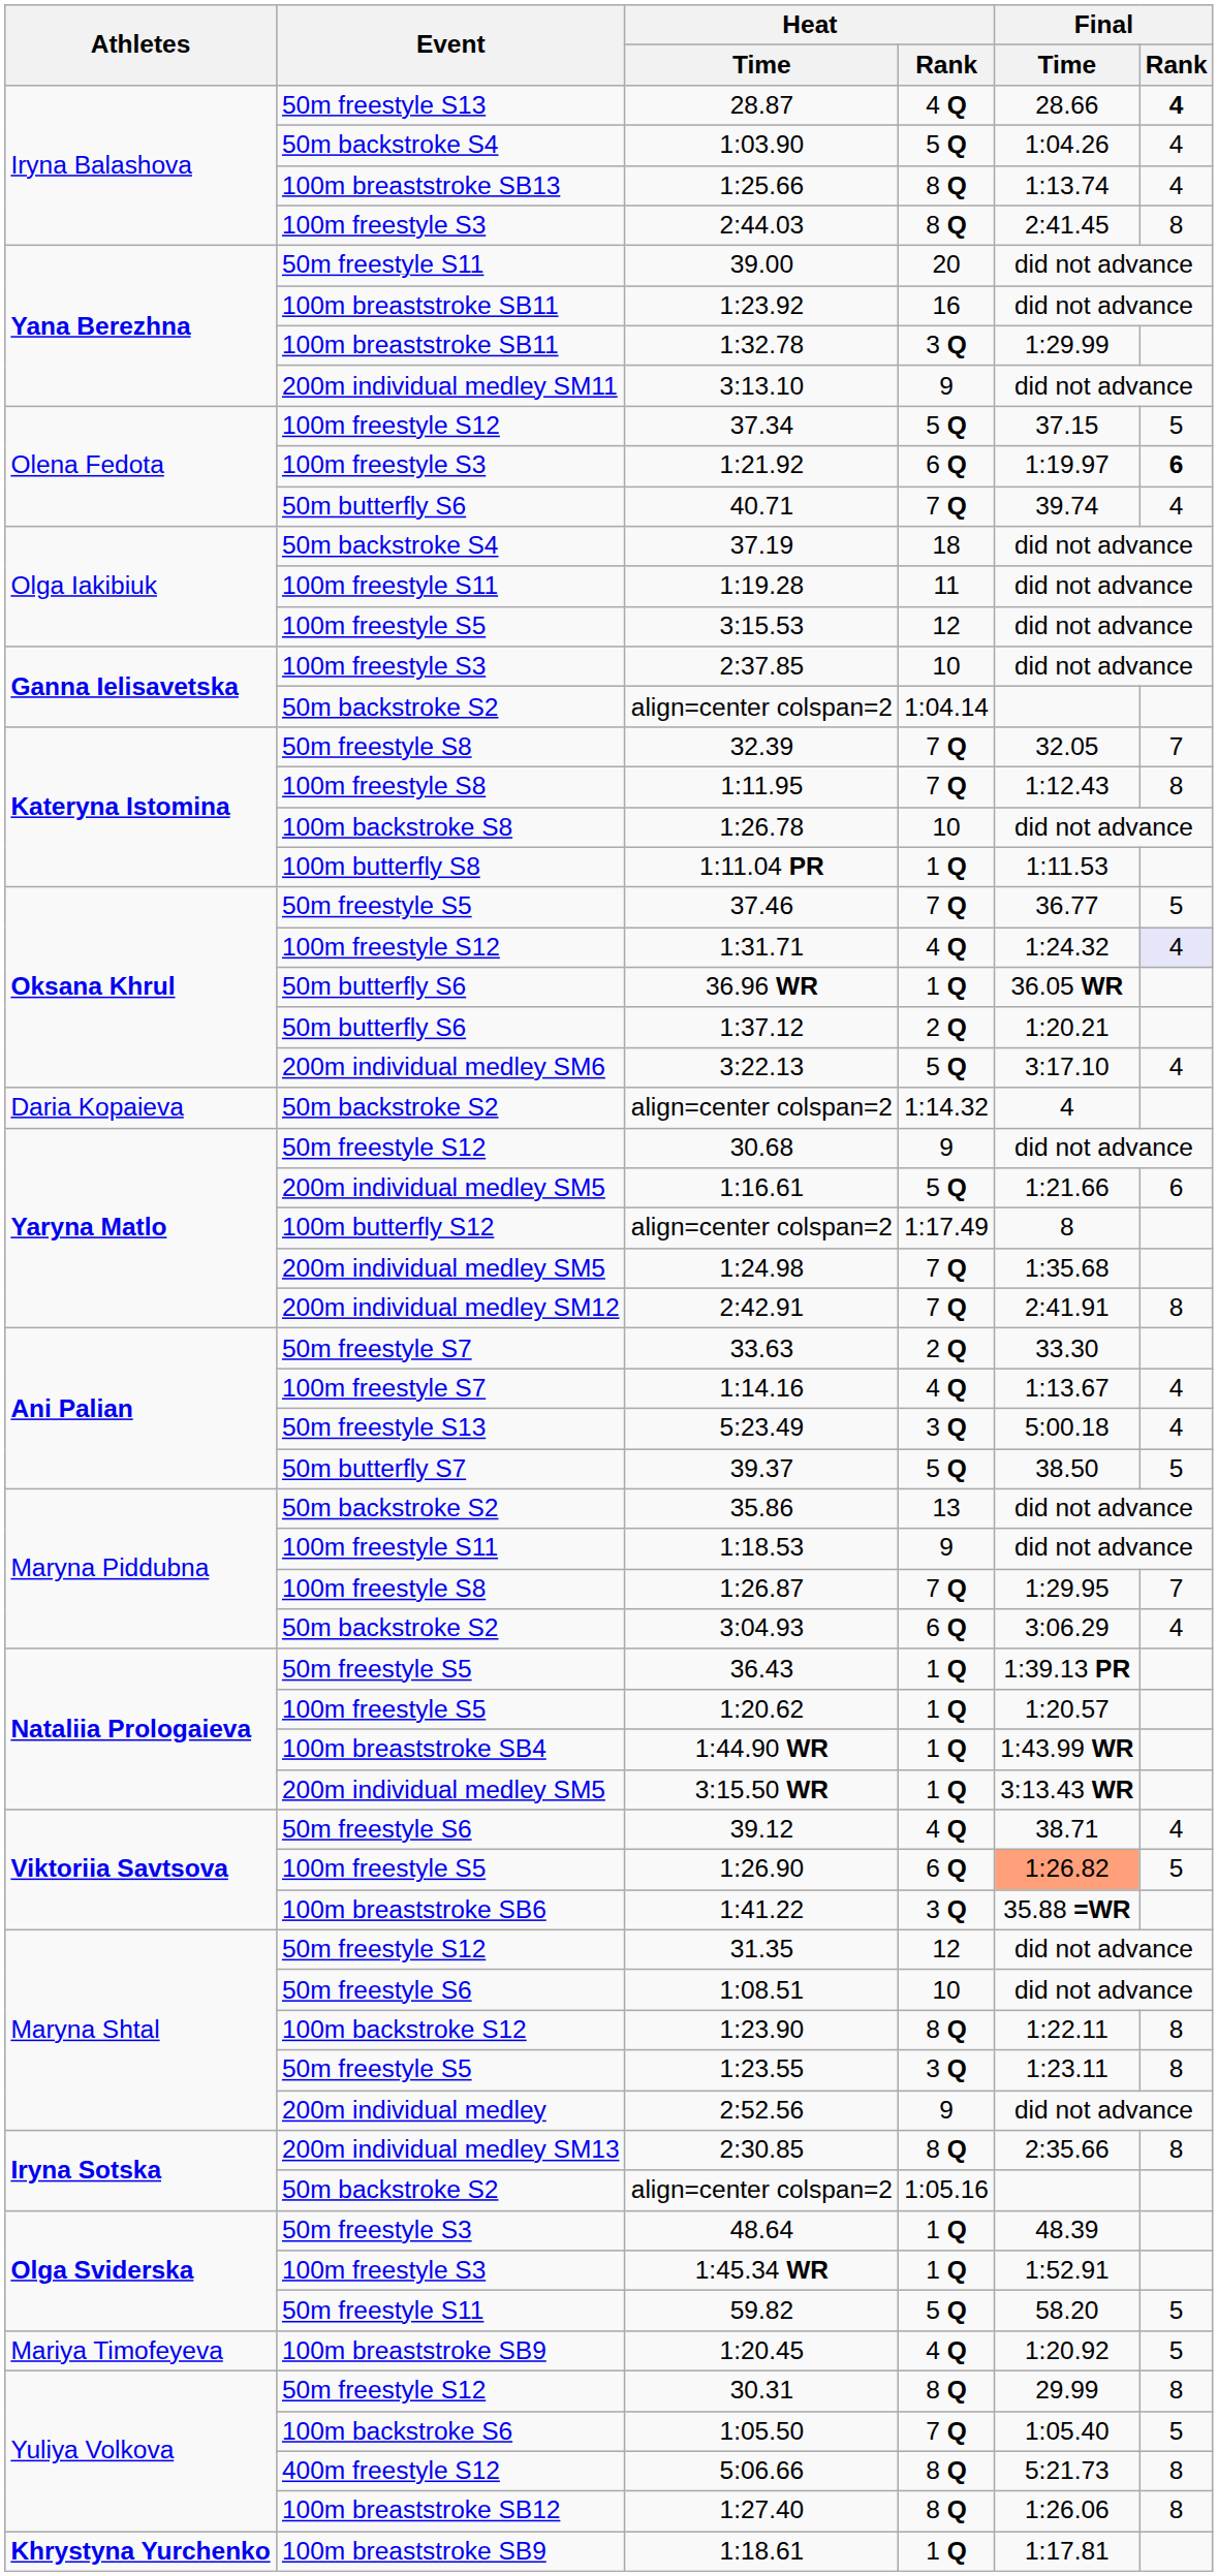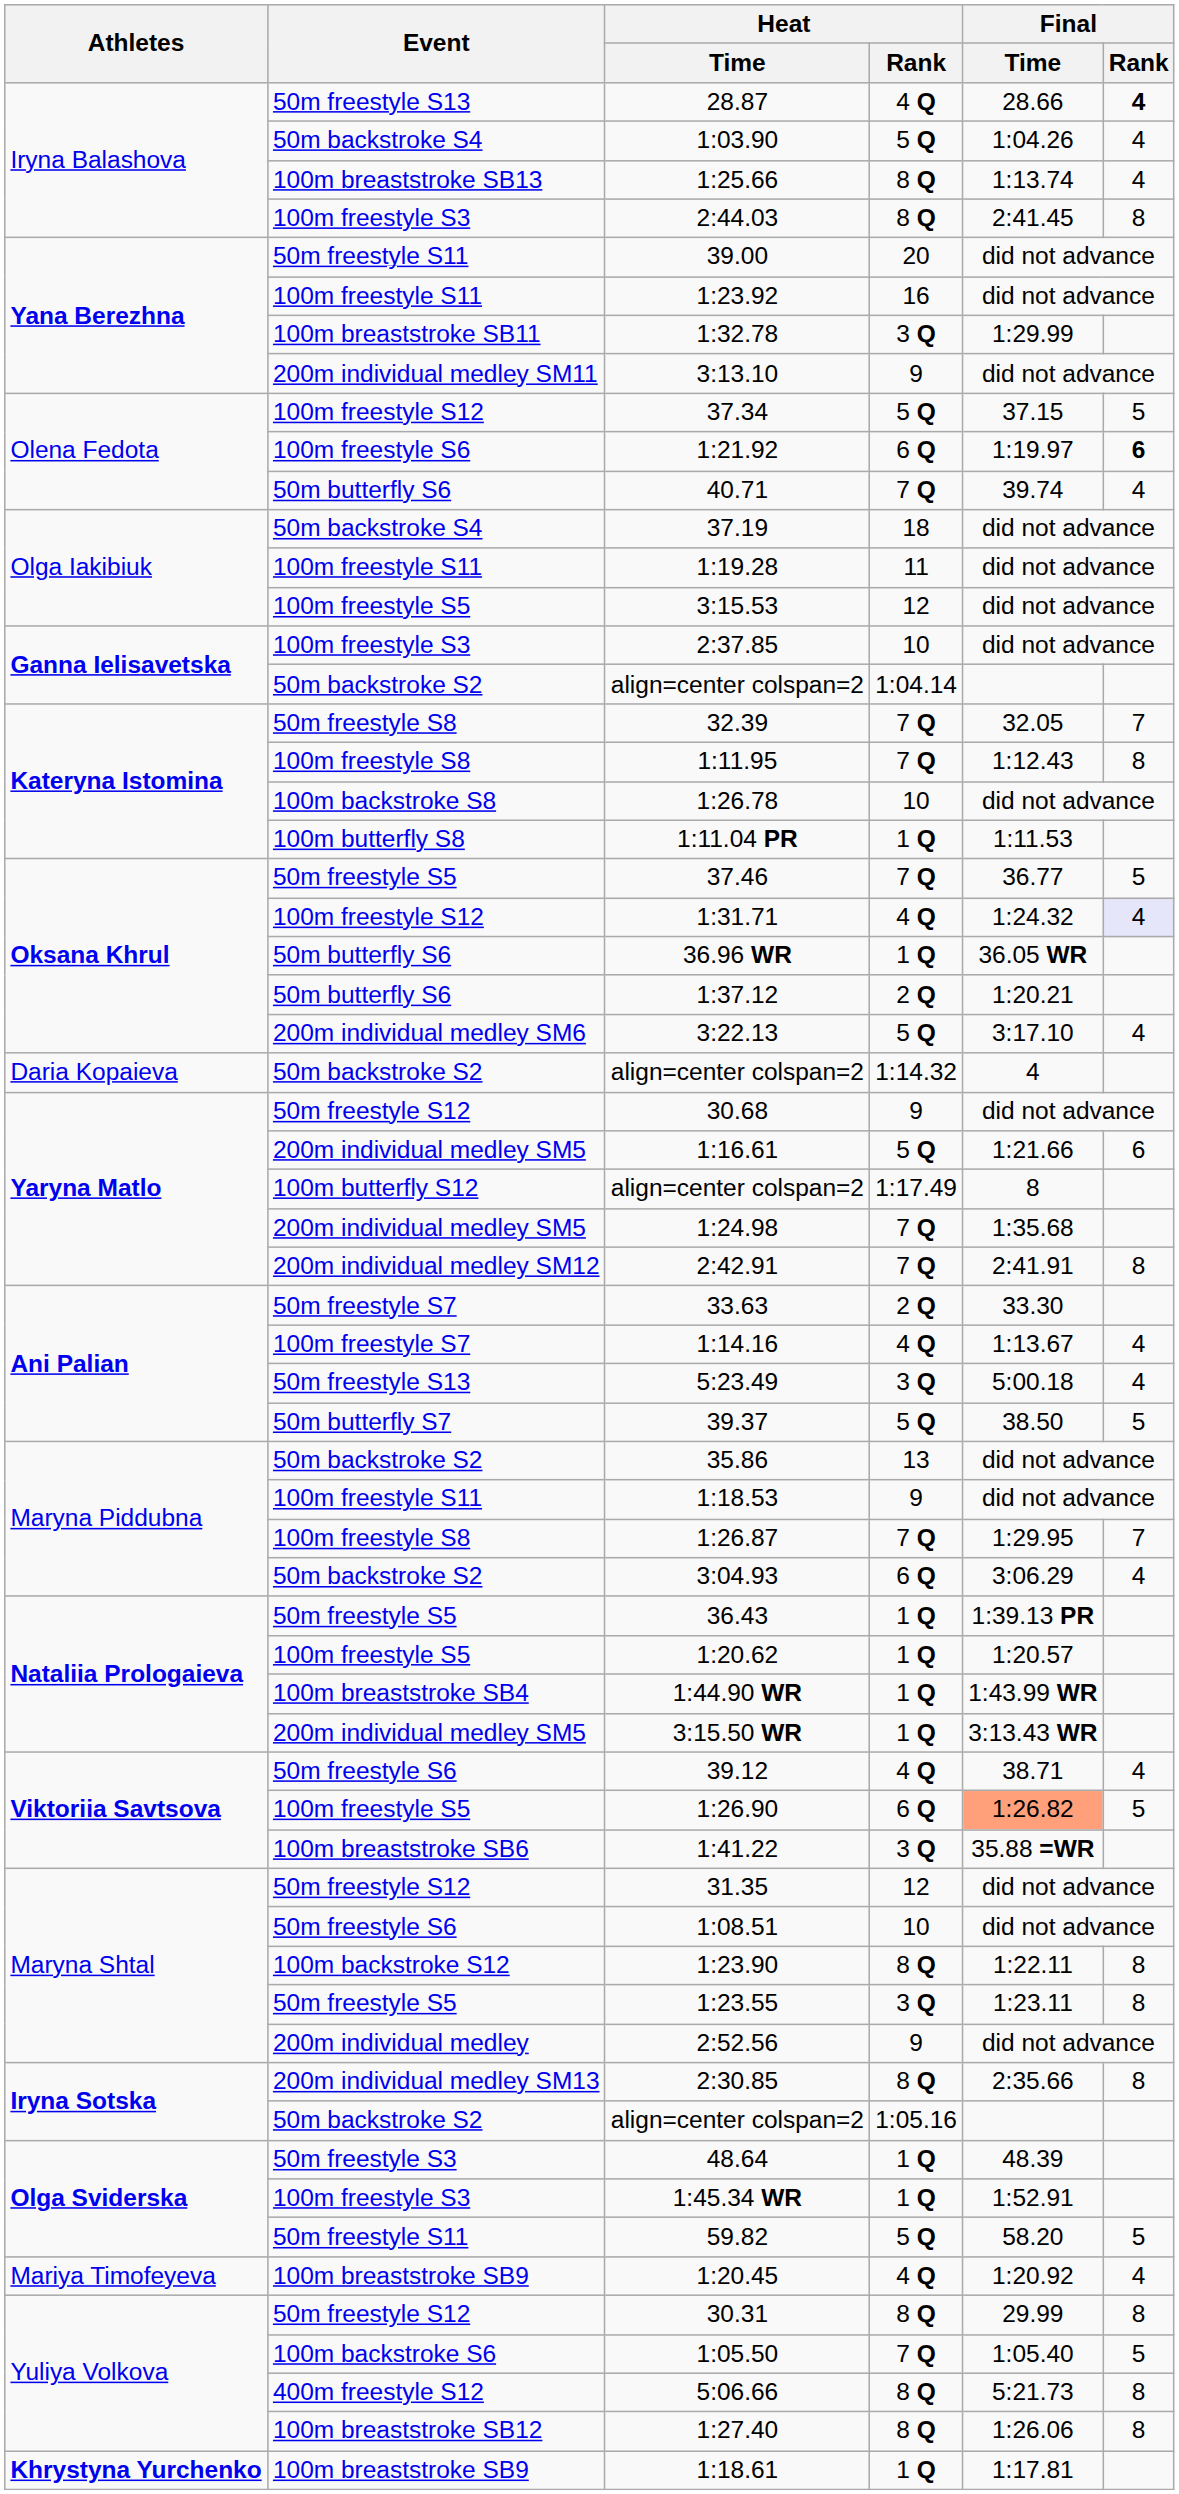 <table class=wikitable>
 <tr>
 <th rowspan="2">Athletes</th>
 <th rowspan="2">Event</th>
 <th colspan="2">Heat</th>
 <th colspan="2">Final</th>
 </tr>
 <tr>
 <th>Time</th>
 <th>Rank</th>
 <th>Time</th>
 <th>Rank</th>
 </tr>
 <tr>
 <td align=left rowspan=4><a href='#'>Iryna Balashova</a></td>
 <td align=left><a href='#'>50m freestyle S13</a></td>
 <td align=center>28.87</td>
 <td align=center>4 <strong>Q</strong></td>
 <td align=center>28.66</td>
 <td align=center><strong>4</strong></td>
 </tr>
 <tr>
 <td align=left><a href='#'>50m backstroke S4</a></td>
 <td align=center>1:03.90</td>
 <td align=center>5 <strong>Q</strong></td>
 <td align=center>1:04.26</td>
 <td align=center>4</td>
 </tr>
 <tr>
 <td align=left><a href='#'>100m breaststroke SB13</a></td>
 <td align=center>1:25.66</td>
 <td align=center>8 <strong>Q</strong></td>
 <td align=center>1:13.74</td>
 <td align=center>4</td>
 </tr>
 <tr>
 <td align=left><a href='#'>100m freestyle S3</a></td>
 <td align=center>2:44.03</td>
 <td align=center>8 <strong>Q</strong></td>
 <td align=center>2:41.45</td>
 <td align=center>8</td>
 </tr>
 <tr>
 <td align=left rowspan=4><strong><a href='#'>Yana Berezhna</a></strong></td>
 <td align=left><a href='#'>50m freestyle S11</a></td>
 <td align=center>39.00</td>
 <td align=center>20</td>
 <td align=center colspan=2>did not advance</td>
 </tr>
 <tr>
-<td align=left><a href='#'>100m breaststroke SB11</a></td>
+<td align=left><a href='#'>100m freestyle S11</a></td>
 <td align=center>1:23.92</td>
 <td align=center>16</td>
 <td align=center colspan=2>did not advance</td>
 </tr>
 <tr>
 <td align=left><a href='#'>100m breaststroke SB11</a></td>
 <td align=center>1:32.78</td>
 <td align=center>3 <strong>Q</strong></td>
 <td align=center>1:29.99</td>
 <td align=center></td>
 </tr>
 <tr>
 <td align=left><a href='#'>200m individual medley SM11</a></td>
 <td align=center>3:13.10</td>
 <td align=center>9</td>
 <td align=center colspan=2>did not advance</td>
 </tr>
 <tr>
 <td align=left rowspan=3><a href='#'>Olena Fedota</a></td>
 <td align=left><a href='#'>100m freestyle S12</a></td>
 <td align=center>37.34</td>
 <td align=center>5 <strong>Q</strong></td>
 <td align=center>37.15</td>
 <td align=center>5</td>
 </tr>
 <tr>
-<td align=left><a href='#'>100m freestyle S3</a></td>
+<td align=left><a href='#'>100m freestyle S6</a></td>
 <td align=center>1:21.92</td>
 <td align=center>6 <strong>Q</strong></td>
 <td align=center>1:19.97</td>
 <td align=center><strong>6</strong></td>
 </tr>
 <tr>
 <td align=left><a href='#'>50m butterfly S6</a></td>
 <td align=center>40.71</td>
 <td align=center>7 <strong>Q</strong></td>
 <td align=center>39.74</td>
 <td align=center>4</td>
 </tr>
 <tr>
 <td align=left rowspan=3><a href='#'>Olga Iakibiuk</a></td>
 <td align=left><a href='#'>50m backstroke S4</a></td>
 <td align=center>37.19</td>
 <td align=center>18</td>
 <td align=center colspan=2>did not advance</td>
 </tr>
 <tr>
 <td align=left><a href='#'>100m freestyle S11</a></td>
 <td align=center>1:19.28</td>
 <td align=center>11</td>
 <td align=center colspan=2>did not advance</td>
 </tr>
 <tr>
 <td align=left><a href='#'>100m freestyle S5</a></td>
 <td align=center>3:15.53</td>
 <td align=center>12</td>
 <td align=center colspan=2>did not advance</td>
 </tr>
 <tr>
 <td align=left rowspan=2><strong><a href='#'>Ganna Ielisavetska</a></strong></td>
 <td align=left><a href='#'>100m freestyle S3</a></td>
 <td align=center>2:37.85</td>
 <td align=center>10</td>
 <td align=center colspan=2>did not advance</td>
 </tr>
 <tr>
 <td align=left><a href='#'>50m backstroke S2</a></td>
 <td>align=center colspan=2 </td>
 <td align=center>1:04.14</td>
 <td align=center></td>
 </tr>
 <tr>
 <td align=left rowspan=4><strong><a href='#'>Kateryna Istomina</a></strong></td>
 <td align=left><a href='#'>50m freestyle S8</a></td>
 <td align=center>32.39</td>
 <td align=center>7 <strong>Q</strong></td>
 <td align=center>32.05</td>
 <td align=center>7</td>
 </tr>
 <tr>
 <td align=left><a href='#'>100m freestyle S8</a></td>
 <td align=center>1:11.95</td>
 <td align=center>7 <strong>Q</strong></td>
 <td align=center>1:12.43</td>
 <td align=center>8</td>
 </tr>
 <tr>
 <td align=left><a href='#'>100m backstroke S8</a></td>
 <td align=center>1:26.78</td>
 <td align=center>10</td>
 <td align=center colspan=2>did not advance</td>
 </tr>
 <tr>
 <td align=left><a href='#'>100m butterfly S8</a></td>
 <td align=center>1:11.04 <strong>PR</strong></td>
 <td align=center>1 <strong>Q</strong></td>
 <td align=center>1:11.53</td>
 <td align=center></td>
 </tr>
 <tr>
 <td align=left rowspan=5><strong><a href='#'>Oksana Khrul</a></strong></td>
 <td align=left><a href='#'>50m freestyle S5</a></td>
 <td align=center>37.46</td>
 <td align=center>7 <strong>Q</strong></td>
 <td align=center>36.77</td>
 <td align=center>5</td>
 </tr>
 <tr>
 <td align=left><a href='#'>100m freestyle S12</a></td>
 <td align=center>1:31.71</td>
 <td align=center>4 <strong>Q</strong></td>
 <td align=center>1:24.32</td>
 <td align=center style="background: lavender;">4</td>
 </tr>
 <tr>
 <td align=left><a href='#'>50m butterfly S6</a></td>
 <td align=center>36.96 <strong>WR</strong></td>
 <td align=center>1 <strong>Q</strong></td>
 <td align=center>36.05 <strong>WR</strong></td>
 <td align=center></td>
 </tr>
 <tr>
 <td align=left><a href='#'>50m butterfly S6</a></td>
 <td align=center>1:37.12</td>
 <td align=center>2 <strong>Q</strong></td>
 <td align=center>1:20.21</td>
 <td align=center></td>
 </tr>
 <tr>
 <td align=left><a href='#'>200m individual medley SM6</a></td>
 <td align=center>3:22.13</td>
 <td align=center>5 <strong>Q</strong></td>
 <td align=center>3:17.10</td>
 <td align=center>4</td>
 </tr>
 <tr>
 <td align=left><a href='#'>Daria Kopaieva</a></td>
 <td align=left><a href='#'>50m backstroke S2</a></td>
 <td>align=center colspan=2 </td>
 <td align=center>1:14.32</td>
 <td align=center>4</td>
 </tr>
 <tr>
 <td align=left rowspan=5><strong><a href='#'>Yaryna Matlo</a></strong></td>
 <td align=left><a href='#'>50m freestyle S12</a></td>
 <td align=center>30.68</td>
 <td align=center>9</td>
 <td align=center colspan=2>did not advance</td>
 </tr>
 <tr>
 <td align=left><a href='#'>200m individual medley SM5</a></td>
 <td align=center>1:16.61</td>
 <td align=center>5 <strong>Q</strong></td>
 <td align=center>1:21.66</td>
 <td align=center>6</td>
 </tr>
 <tr>
 <td align=left><a href='#'>100m butterfly S12</a></td>
 <td>align=center colspan=2 </td>
 <td align=center>1:17.49</td>
 <td align=center>8</td>
 </tr>
 <tr>
 <td align=left><a href='#'>200m individual medley SM5</a></td>
 <td align=center>1:24.98</td>
 <td align=center>7 <strong>Q</strong></td>
 <td align=center>1:35.68</td>
 <td align=center></td>
 </tr>
 <tr>
 <td align=left><a href='#'>200m individual medley SM12</a></td>
 <td align=center>2:42.91</td>
 <td align=center>7 <strong>Q</strong></td>
 <td align=center>2:41.91</td>
 <td align=center>8</td>
 </tr>
 <tr>
 <td align=left rowspan=4><strong><a href='#'>Ani Palian</a></strong></td>
 <td align=left><a href='#'>50m freestyle S7</a></td>
 <td align=center>33.63</td>
 <td align=center>2 <strong>Q</strong></td>
 <td align=center>33.30</td>
 <td align=center></td>
 </tr>
 <tr>
 <td align=left><a href='#'>100m freestyle S7</a></td>
 <td align=center>1:14.16</td>
 <td align=center>4 <strong>Q</strong></td>
 <td align=center>1:13.67</td>
 <td align=center>4</td>
 </tr>
 <tr>
 <td align=left><a href='#'>50m freestyle S13</a></td>
 <td align=center>5:23.49</td>
 <td align=center>3 <strong>Q</strong></td>
 <td align=center>5:00.18</td>
 <td align=center>4</td>
 </tr>
 <tr>
 <td align=left><a href='#'>50m butterfly S7</a></td>
 <td align=center>39.37</td>
 <td align=center>5 <strong>Q</strong></td>
 <td align=center>38.50</td>
 <td align=center>5</td>
 </tr>
 <tr>
 <td align=left rowspan=4><a href='#'>Maryna Piddubna</a></td>
 <td align=left><a href='#'>50m backstroke S2</a></td>
 <td align=center>35.86</td>
 <td align=center>13</td>
 <td align=center colspan=2>did not advance</td>
 </tr>
 <tr>
 <td align=left><a href='#'>100m freestyle S11</a></td>
 <td align=center>1:18.53</td>
 <td align=center>9</td>
 <td align=center colspan=2>did not advance</td>
 </tr>
 <tr>
 <td align=left><a href='#'>100m freestyle S8</a></td>
 <td align=center>1:26.87</td>
 <td align=center>7 <strong>Q</strong></td>
 <td align=center>1:29.95</td>
 <td align=center>7</td>
 </tr>
 <tr>
 <td align=left><a href='#'>50m backstroke S2</a></td>
 <td align=center>3:04.93</td>
 <td align=center>6 <strong>Q</strong></td>
 <td align=center>3:06.29</td>
 <td align=center>4</td>
 </tr>
 <tr>
 <td align=left rowspan=4><strong><a href='#'>Nataliia Prologaieva</a></strong></td>
 <td align=left><a href='#'>50m freestyle S5</a></td>
 <td align=center>36.43</td>
 <td align=center>1 <strong>Q</strong></td>
 <td align=center>1:39.13 <strong>PR</strong></td>
 <td align=center></td>
 </tr>
 <tr>
 <td align=left><a href='#'>100m freestyle S5</a></td>
 <td align=center>1:20.62</td>
 <td align=center>1 <strong>Q</strong></td>
 <td align=center>1:20.57</td>
 <td align=center></td>
 </tr>
 <tr>
 <td align=left><a href='#'>100m breaststroke SB4</a></td>
 <td align=center>1:44.90 <strong>WR</strong></td>
 <td align=center>1 <strong>Q</strong></td>
 <td align=center>1:43.99 <strong>WR</strong></td>
 <td align=center></td>
 </tr>
 <tr>
 <td align=left><a href='#'>200m individual medley SM5</a></td>
 <td align=center>3:15.50 <strong>WR</strong></td>
 <td align=center>1 <strong>Q</strong></td>
 <td align=center>3:13.43 <strong>WR</strong></td>
 <td align=center></td>
 </tr>
 <tr>
 <td align=left rowspan=3><strong><a href='#'>Viktoriia Savtsova</a></strong></td>
 <td align=left><a href='#'>50m freestyle S6</a></td>
 <td align=center>39.12</td>
 <td align=center>4 <strong>Q</strong></td>
 <td align=center>38.71</td>
 <td align=center>4</td>
 </tr>
 <tr>
 <td align=left><a href='#'>100m freestyle S5</a></td>
 <td align=center>1:26.90</td>
 <td align=center>6 <strong>Q</strong></td>
 <td align=center style="background: lightsalmon;">1:26.82</td>
 <td align=center>5</td>
 </tr>
 <tr>
 <td align=left><a href='#'>100m breaststroke SB6</a></td>
 <td align=center>1:41.22</td>
 <td align=center>3 <strong>Q</strong></td>
 <td align=center>35.88 <strong>=WR</strong></td>
 <td align=center></td>
 </tr>
 <tr>
 <td align=left rowspan=5><a href='#'>Maryna Shtal</a></td>
 <td align=left><a href='#'>50m freestyle S12</a></td>
 <td align=center>31.35</td>
 <td align=center>12</td>
 <td align=center colspan=2>did not advance</td>
 </tr>
 <tr>
 <td align=left><a href='#'>50m freestyle S6</a></td>
 <td align=center>1:08.51</td>
 <td align=center>10</td>
 <td align=center colspan=2>did not advance</td>
 </tr>
 <tr>
 <td align=left><a href='#'>100m backstroke S12</a></td>
 <td align=center>1:23.90</td>
 <td align=center>8 <strong>Q</strong></td>
 <td align=center>1:22.11</td>
 <td align=center>8</td>
 </tr>
 <tr>
 <td align=left><a href='#'>50m freestyle S5</a></td>
 <td align=center>1:23.55</td>
 <td align=center>3 <strong>Q</strong></td>
 <td align=center>1:23.11</td>
 <td align=center>8</td>
 </tr>
 <tr>
 <td align=left><a href='#'>200m individual medley</a></td>
 <td align=center>2:52.56</td>
 <td align=center>9</td>
 <td align=center colspan=2>did not advance</td>
 </tr>
 <tr>
 <td align=left rowspan=2><strong><a href='#'>Iryna Sotska</a></strong></td>
 <td align=left><a href='#'>200m individual medley SM13</a></td>
 <td align=center>2:30.85</td>
 <td align=center>8 <strong>Q</strong></td>
 <td align=center>2:35.66</td>
 <td align=center>8</td>
 </tr>
 <tr>
 <td align=left><a href='#'>50m backstroke S2</a></td>
 <td>align=center colspan=2 </td>
 <td align=center>1:05.16</td>
 <td align=center></td>
 </tr>
 <tr>
 <td align=left rowspan=3><strong><a href='#'>Olga Sviderska</a></strong></td>
 <td align=left><a href='#'>50m freestyle S3</a></td>
 <td align=center>48.64</td>
 <td align=center>1 <strong>Q</strong></td>
 <td align=center>48.39</td>
 <td align=center></td>
 </tr>
 <tr>
 <td align=left><a href='#'>100m freestyle S3</a></td>
 <td align=center>1:45.34 <strong>WR</strong></td>
 <td align=center>1 <strong>Q</strong></td>
 <td align=center>1:52.91</td>
 <td align=center></td>
 </tr>
 <tr>
 <td align=left><a href='#'>50m freestyle S11</a></td>
 <td align=center>59.82</td>
 <td align=center>5 <strong>Q</strong></td>
 <td align=center>58.20</td>
 <td align=center>5</td>
 </tr>
 <tr>
 <td align=left><a href='#'>Mariya Timofeyeva</a></td>
 <td align=left><a href='#'>100m breaststroke SB9</a></td>
 <td align=center>1:20.45</td>
 <td align=center>4 <strong>Q</strong></td>
 <td align=center>1:20.92</td>
-<td align=center>5</td>
+<td align=center>4</td>
 </tr>
 <tr>
 <td align=left rowspan=4><a href='#'>Yuliya Volkova</a></td>
 <td align=left><a href='#'>50m freestyle S12</a></td>
 <td align=center>30.31</td>
 <td align=center>8 <strong>Q</strong></td>
 <td align=center>29.99</td>
 <td align=center>8</td>
 </tr>
 <tr>
 <td align=left><a href='#'>100m backstroke S6</a></td>
 <td align=center>1:05.50</td>
 <td align=center>7 <strong>Q</strong></td>
 <td align=center>1:05.40</td>
 <td align=center>5</td>
 </tr>
 <tr>
 <td align=left><a href='#'>400m freestyle S12</a></td>
 <td align=center>5:06.66</td>
 <td align=center>8 <strong>Q</strong></td>
 <td align=center>5:21.73</td>
 <td align=center>8</td>
 </tr>
 <tr>
 <td align=left><a href='#'>100m breaststroke SB12</a></td>
 <td align=center>1:27.40</td>
 <td align=center>8 <strong>Q</strong></td>
 <td align=center>1:26.06</td>
 <td align=center>8</td>
 </tr>
 <tr>
 <td align=left><strong><a href='#'>Khrystyna Yurchenko</a></strong></td>
 <td align=left><a href='#'>100m breaststroke SB9</a></td>
 <td align=center>1:18.61</td>
 <td align=center>1 <strong>Q</strong></td>
 <td align=center>1:17.81</td>
 <td align=center></td>
 </tr>
 </table>
